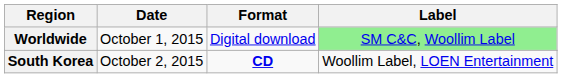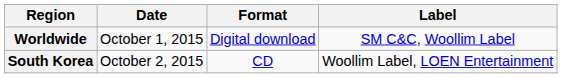 <table class="wikitable plainrowheaders" style="text-align:center;">
 <tr>
 <th scope="col">Region</th>
 <th>Date</th>
 <th>Format</th>
 <th>Label</th>
 </tr>
 <tr>
 <th scope="row">Worldwide</th>
 <td rowspan="2">October 1, 2015</td>
 <td rowspan="2"><a href='#'>Digital download</a></td>
-<td style="background: lightgreen;"><a href='#'>SM C&C</a>, <a href='#'>Woollim Label</a></td>
+<td><a href='#'>SM C&C</a>, <a href='#'>Woollim Label</a></td>
 </tr>
 <tr>
 <th scope="row" rowspan="2">South Korea</th>
 <td rowspan="2">Woollim Label, <a href='#'>LOEN Entertainment</a></td>
 </tr>
 <tr>
 <td>October 2, 2015</td>
-<td><strong><a href='#'>CD</a></strong></td>
+<td><a href='#'>CD</a></td>
 </tr>
 </table>
